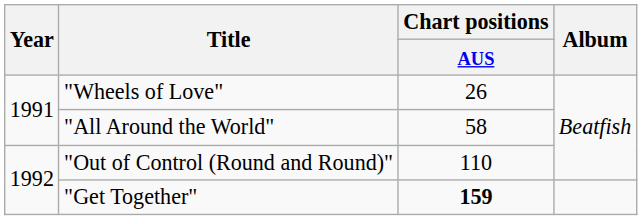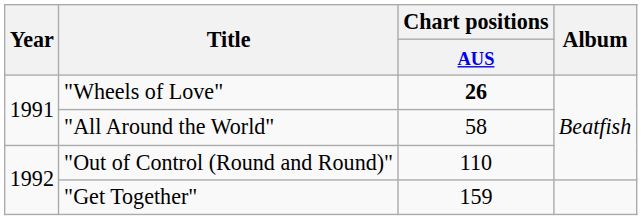 <table class="wikitable">
 <tr>
 <th rowspan="2">Year</th>
 <th rowspan="2">Title</th>
 <th colspan="1">Chart positions</th>
 <th rowspan="2">Album</th>
 </tr>
 <tr>
 <th><small><a href='#'>AUS</a></small><br></th>
 </tr>
 <tr>
 <td rowspan="2">1991</td>
 <td>"Wheels of Love"</td>
-<td align="center">26</td>
+<td align="center"><strong>26</strong></td>
 <td rowspan="3"><em>Beatfish</em></td>
 </tr>
 <tr>
 <td>"All Around the World"</td>
 <td align="center">58</td>
 </tr>
 <tr>
 <td rowspan="2">1992</td>
 <td>"Out of Control (Round and Round)"</td>
 <td align="center">110</td>
 </tr>
 <tr>
 <td>"Get Together"</td>
-<td align="center"><strong>159</strong></td>
+<td align="center">159</td>
 <td></td>
 </tr>
 </table>
